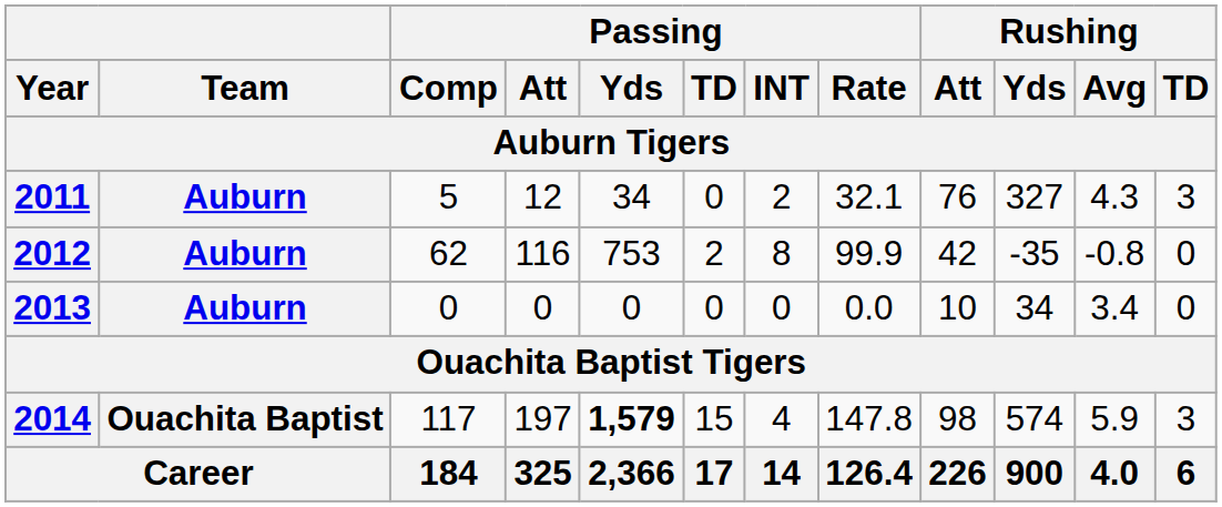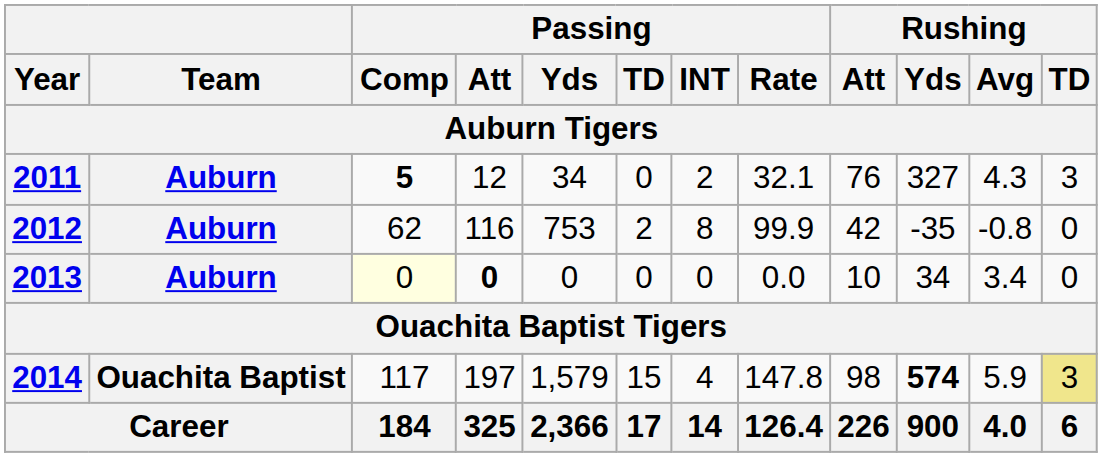 <table class="wikitable" style="text-align:center;">
 <tr>
 <th colspan="2"></th>
 <th colspan="6">Passing</th>
 <th colspan="4">Rushing</th>
 </tr>
 <tr>
 <th>Year</th>
 <th>Team</th>
 <th>Comp</th>
 <th>Att</th>
 <th>Yds</th>
 <th>TD</th>
 <th>INT</th>
 <th>Rate</th>
 <th>Att</th>
 <th>Yds</th>
 <th>Avg</th>
 <th>TD</th>
 </tr>
 <tr>
 <th colspan="12">Auburn Tigers</th>
 </tr>
 <tr>
 <th><a href='#'>2011</a></th>
 <th><a href='#'>Auburn</a></th>
-<td>5</td>
+<td><strong>5</strong></td>
 <td>12</td>
 <td>34</td>
 <td>0</td>
 <td>2</td>
 <td>32.1</td>
 <td>76</td>
 <td>327</td>
 <td>4.3</td>
 <td>3</td>
 </tr>
 <tr>
 <th><a href='#'>2012</a></th>
 <th><a href='#'>Auburn</a></th>
 <td>62</td>
 <td>116</td>
 <td>753</td>
 <td>2</td>
 <td>8</td>
 <td>99.9</td>
 <td>42</td>
 <td>-35</td>
 <td>-0.8</td>
 <td>0</td>
 </tr>
 <tr>
 <th><a href='#'>2013</a></th>
 <th><a href='#'>Auburn</a></th>
-<td>0</td>
-<td>0</td>
+<td style="background: lightyellow;">0</td>
+<td><strong>0</strong></td>
 <td>0</td>
 <td>0</td>
 <td>0</td>
 <td>0.0</td>
 <td>10</td>
 <td>34</td>
 <td>3.4</td>
 <td>0</td>
 </tr>
 <tr>
 <th colspan="12">Ouachita Baptist Tigers</th>
 </tr>
 <tr>
 <th><a href='#'>2014</a></th>
 <th>Ouachita Baptist</th>
 <td>117</td>
 <td>197</td>
-<td><strong>1,579</strong></td>
+<td>1,579</td>
 <td>15</td>
 <td>4</td>
 <td>147.8</td>
 <td>98</td>
-<td>574</td>
+<td><strong>574</strong></td>
 <td>5.9</td>
-<td>3</td>
+<td style="background: khaki;">3</td>
 </tr>
 <tr style="background:#eee;">
 <th colspan=2><strong>Career</strong></th>
 <th>184</th>
 <th>325</th>
 <th>2,366</th>
 <th>17</th>
 <th>14</th>
 <th>126.4</th>
 <th>226</th>
 <th>900</th>
 <th>4.0</th>
 <th>6</th>
 </tr>
 </table>
